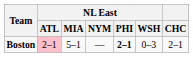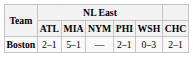 <table class="wikitable" style="text-align:center; font-size: 95%;">
 <tr>
 <th rowspan=2>Team</th>
 <th colspan=5>NL East</th>
 <th colspan=2> </th>
 </tr>
 <tr>
 <th>ATL</th>
 <th>MIA</th>
 <th>NYM</th>
 <th>PHI</th>
 <th>WSH</th>
 <th>CHC</th>
 </tr>
 <tr>
 <td><strong>Boston</strong></td>
-<td style="background: pink;">2–1</td>
+<td>2–1</td>
 <td>5–1</td>
 <td>—</td>
-<td><strong>2–1</strong></td>
+<td>2–1</td>
 <td>0–3</td>
 <td>2–1</td>
 </tr>
 </table>
